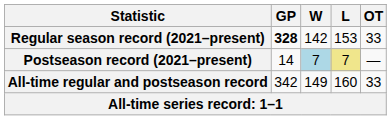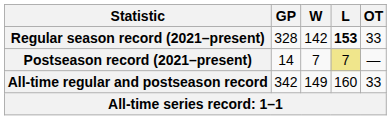 <table class="wikitable" style="text-align:center; font-size:95%;">
 <tr>
 <th scope="col">Statistic</th>
 <th scope="col">GP</th>
 <th scope="col">W</th>
 <th scope="col">L</th>
 <th scope="col">OT</th>
 </tr>
 <tr>
 <th scope="row">Regular season record (2021–present)</th>
-<td><strong>328</strong></td>
+<td>328</td>
 <td>142</td>
-<td>153</td>
+<td><strong>153</strong></td>
 <td>33</td>
 </tr>
 <tr>
 <th scope="row">Postseason record (2021–present)</th>
 <td>14</td>
-<td style="background: lightblue;">7</td>
+<td>7</td>
 <td style="background: khaki;">7</td>
 <td>—</td>
 </tr>
 <tr>
 <th>All-time regular and postseason record</th>
 <td>342</td>
 <td>149</td>
 <td>160</td>
 <td>33</td>
 </tr>
 <tr>
 <th scope="colgroup" colspan="6">All-time series record: 1–1</th>
 </tr>
 </table>
